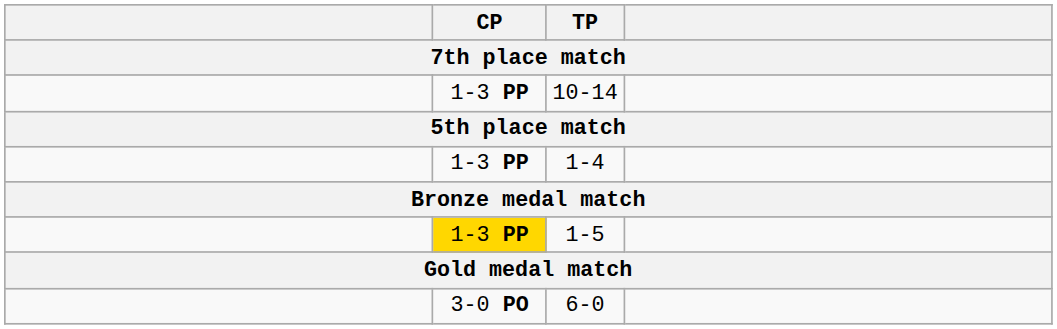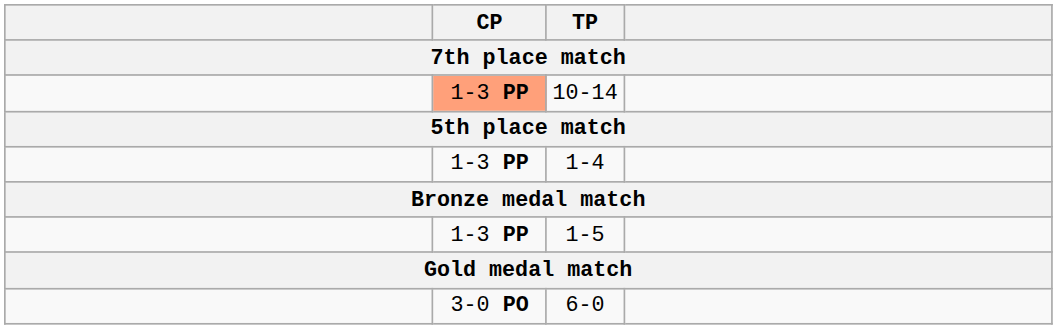 <table class="wikitable" style="text-align: center;" |>
 <tr>
 <th width="250"></th>
 <th width="62">CP</th>
 <th width="40">TP</th>
 <th width="250"></th>
 </tr>
 <tr>
 <th colspan="5">7th place match</th>
 </tr>
 <tr>
 <td style="text-align:left;"></td>
-<td>1-3 <strong>PP</strong></td>
+<td style="background: lightsalmon;">1-3 <strong>PP</strong></td>
 <td>10-14</td>
 <td style="text-align:left;"><strong></strong></td>
 </tr>
 <tr>
 <th colspan="5">5th place match</th>
 </tr>
 <tr>
 <td style="text-align:left;"></td>
 <td>1-3 <strong>PP</strong></td>
 <td>1-4</td>
 <td style="text-align:left;"><strong></strong></td>
 </tr>
 <tr>
 <th colspan="5">Bronze medal match</th>
 </tr>
 <tr>
 <td style="text-align:left;"></td>
-<td style="background: gold;">1-3 <strong>PP</strong></td>
+<td>1-3 <strong>PP</strong></td>
 <td>1-5</td>
 <td style="text-align:left;"><strong></strong></td>
 </tr>
 <tr>
 <th colspan="5">Gold medal match</th>
 </tr>
 <tr>
 <td style="text-align:left;"><strong></strong></td>
 <td>3-0 <strong>PO</strong></td>
 <td>6-0</td>
 <td style="text-align:left;"></td>
 </tr>
 </table>
